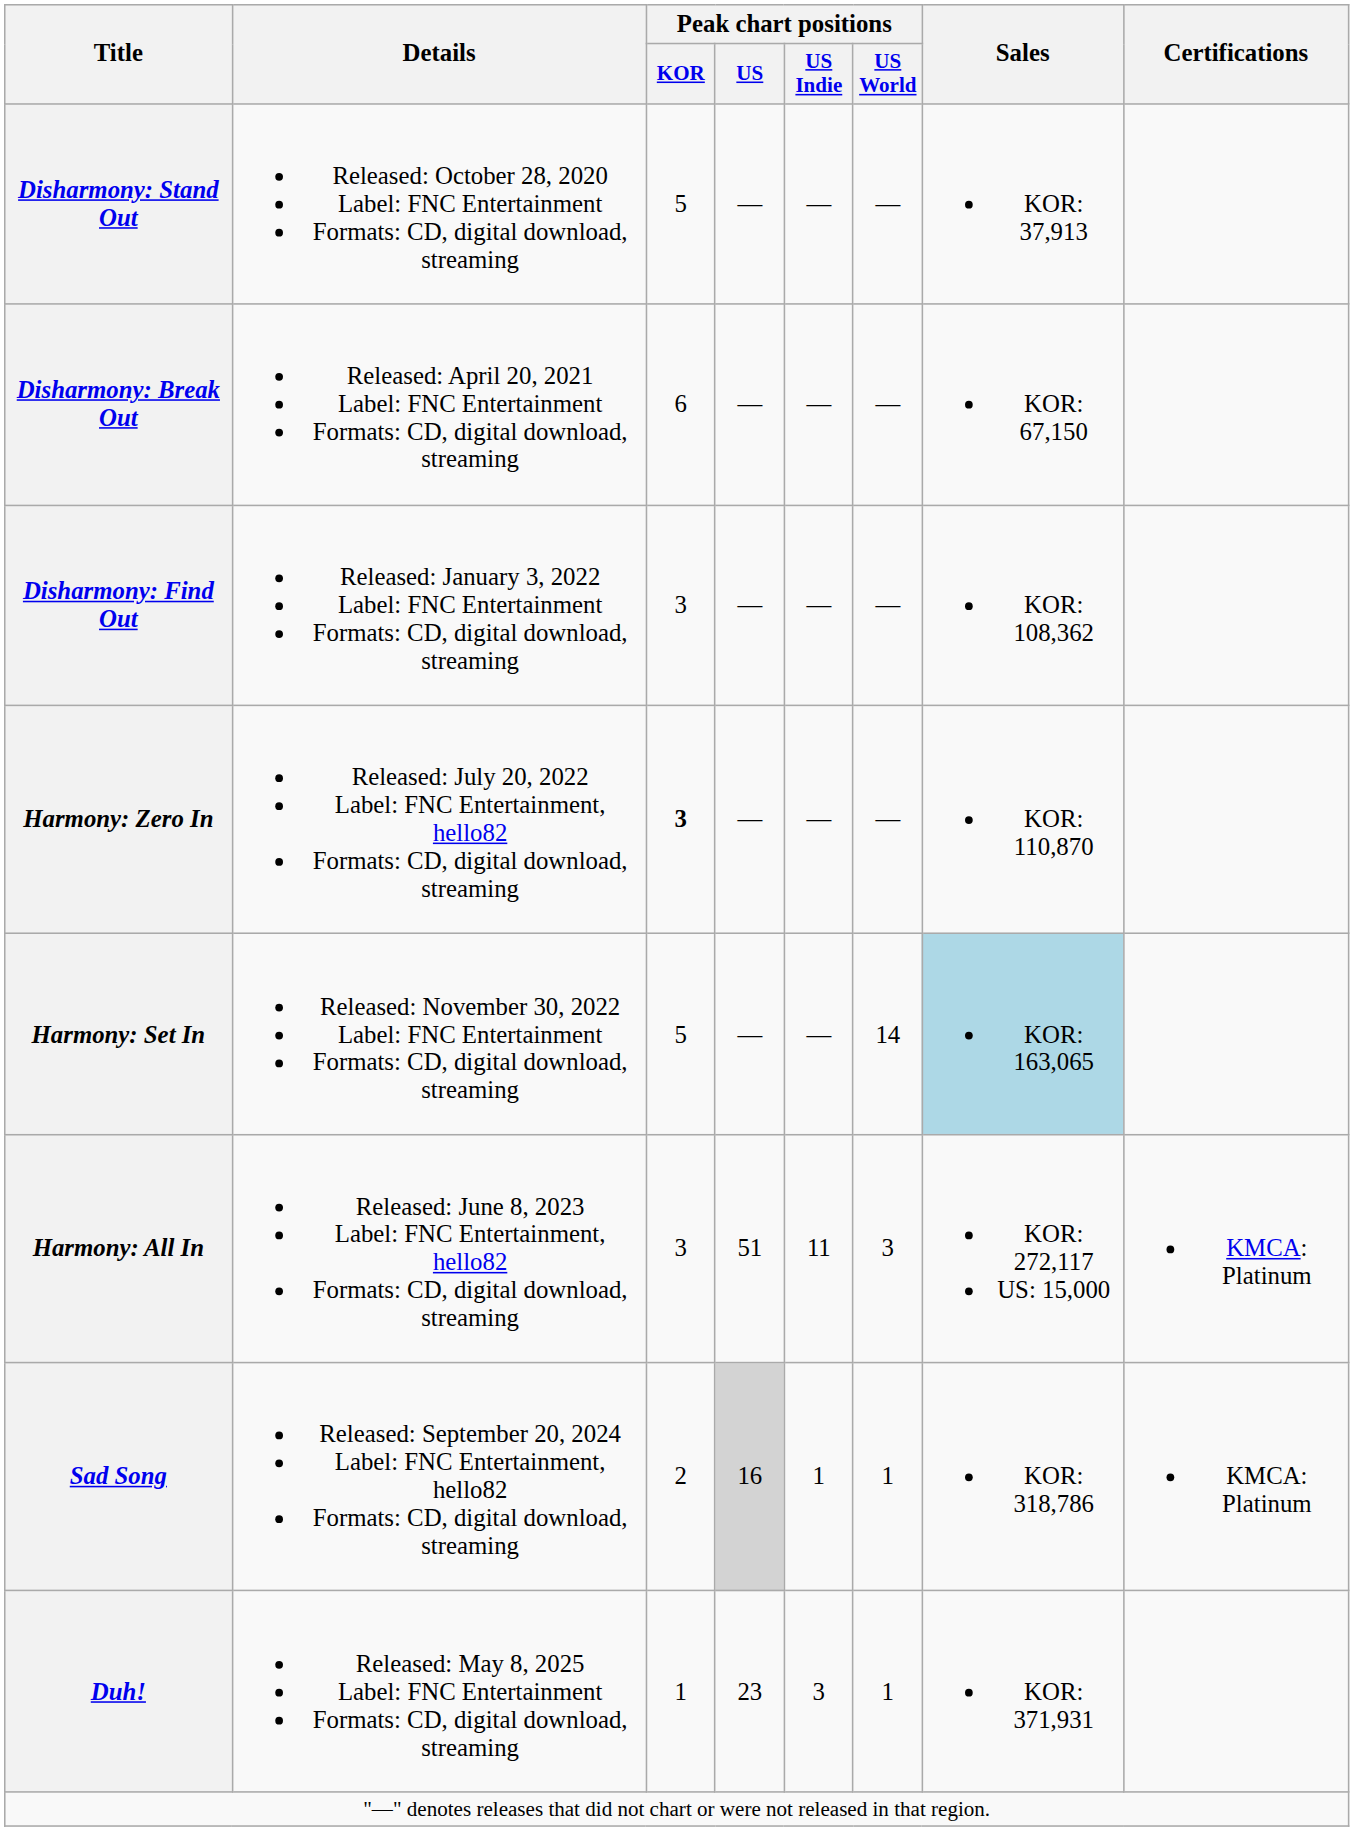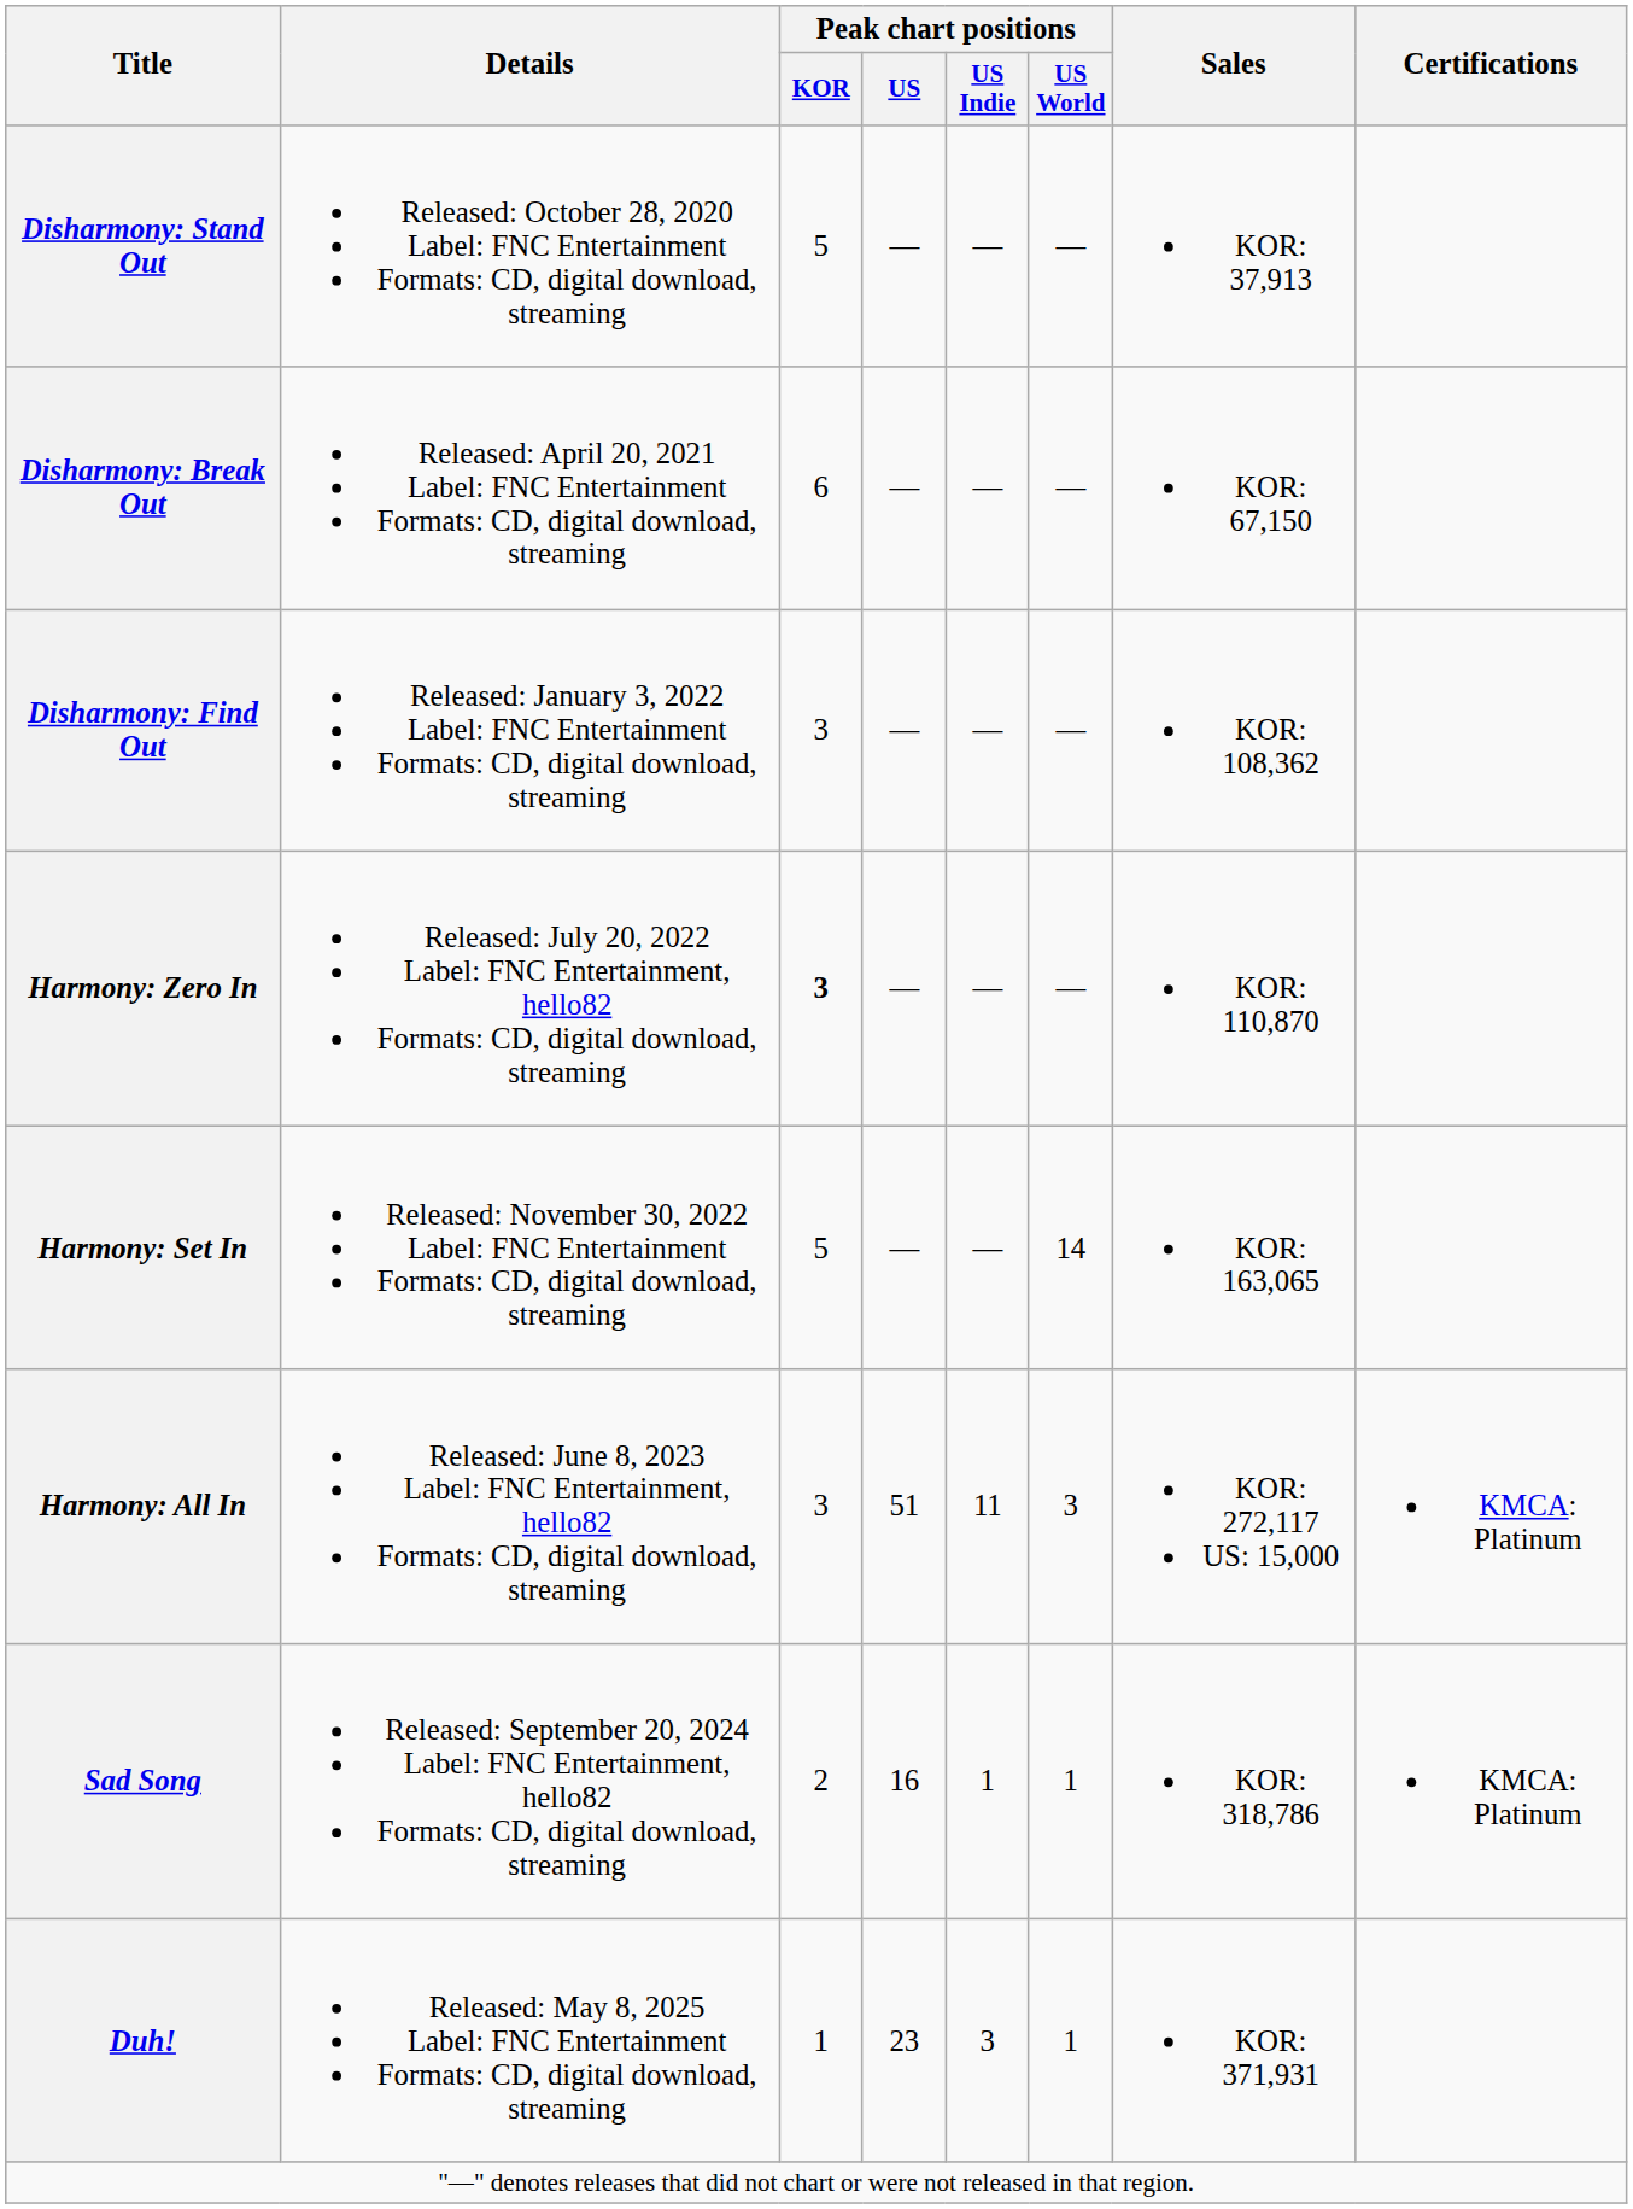 <table class="wikitable plainrowheaders" style="text-align:center">
 <tr>
 <th scope="col" rowspan="2">Title</th>
 <th scope="col" rowspan="2">Details</th>
 <th scope="col" colspan="4">Peak chart positions</th>
 <th scope="col" rowspan="2">Sales</th>
 <th scope="col" rowspan="2">Certifications</th>
 </tr>
 <tr>
 <th scope="col" style="width:2.8em;font-size:85%"><a href='#'>KOR</a><br></th>
 <th scope="col" style="width:2.8em;font-size:85%"><a href='#'>US</a><br></th>
 <th scope="col" style="width:2.8em;font-size:85%"><a href='#'>US<br>Indie</a><br></th>
 <th scope="col" style="width:2.8em;font-size:85%"><a href='#'>US<br>World</a><br></th>
 </tr>
 <tr>
 <th scope="row"><em><a href='#'>Disharmony: Stand Out</a></em></th>
 <td><br><ul><li>Released: October 28, 2020</li><li>Label: FNC Entertainment</li><li>Formats: CD, digital download, streaming</li></ul></td>
 <td>5</td>
 <td>—</td>
 <td>—</td>
 <td>—</td>
 <td><br><ul><li>KOR: 37,913</li></ul></td>
 <td></td>
 </tr>
 <tr>
 <th scope="row"><em><a href='#'>Disharmony: Break Out</a></em></th>
 <td><br><ul><li>Released: April 20, 2021</li><li>Label: FNC Entertainment</li><li>Formats: CD, digital download, streaming</li></ul></td>
 <td>6</td>
 <td>—</td>
 <td>—</td>
 <td>—</td>
 <td><br><ul><li>KOR: 67,150</li></ul></td>
 <td></td>
 </tr>
 <tr>
 <th scope="row"><em><a href='#'>Disharmony: Find Out</a></em></th>
 <td><br><ul><li>Released: January 3, 2022</li><li>Label: FNC Entertainment</li><li>Formats: CD, digital download, streaming</li></ul></td>
 <td>3</td>
 <td>—</td>
 <td>—</td>
 <td>—</td>
 <td><br><ul><li>KOR: 108,362</li></ul></td>
 <td></td>
 </tr>
 <tr>
 <th scope="row"><em>Harmony: Zero In</em></th>
 <td><br><ul><li>Released: July 20, 2022</li><li>Label: FNC Entertainment, <a href='#'>hello82</a></li><li>Formats: CD, digital download, streaming</li></ul></td>
 <td><strong>3</strong></td>
 <td>—</td>
 <td>—</td>
 <td>—</td>
 <td><br><ul><li>KOR: 110,870</li></ul></td>
 <td></td>
 </tr>
 <tr>
 <th scope="row"><em>Harmony: Set In</em></th>
 <td><br><ul><li>Released: November 30, 2022</li><li>Label: FNC Entertainment</li><li>Formats: CD, digital download, streaming</li></ul></td>
 <td>5</td>
 <td>—</td>
 <td>—</td>
 <td>14</td>
-<td style="background: lightblue;"><br><ul><li>KOR: 163,065</li></ul></td>
+<td><br><ul><li>KOR: 163,065</li></ul></td>
 <td></td>
 </tr>
 <tr>
 <th scope="row"><em>Harmony: All In</em></th>
 <td><br><ul><li>Released: June 8, 2023</li><li>Label: FNC Entertainment, <a href='#'>hello82</a></li><li>Formats: CD, digital download, streaming</li></ul></td>
 <td>3</td>
 <td>51</td>
 <td>11</td>
 <td>3</td>
 <td><br><ul><li>KOR: 272,117</li><li>US: 15,000</li></ul></td>
 <td><br><ul><li><a href='#'>KMCA</a>: Platinum</li></ul></td>
 </tr>
 <tr>
 <th scope="row"><em><a href='#'>Sad Song</a></em></th>
 <td><br><ul><li>Released: September 20, 2024</li><li>Label: FNC Entertainment, hello82</li><li>Formats: CD, digital download, streaming</li></ul></td>
 <td>2</td>
-<td style="background: lightgrey;">16</td>
+<td>16</td>
 <td>1</td>
 <td>1</td>
 <td><br><ul><li>KOR: 318,786</li></ul></td>
 <td><br><ul><li>KMCA: Platinum</li></ul></td>
 </tr>
 <tr>
 <th scope="row"><em><a href='#'>Duh!</a></em></th>
 <td><br><ul><li>Released: May 8, 2025</li><li>Label: FNC Entertainment</li><li>Formats: CD, digital download, streaming</li></ul></td>
 <td>1</td>
 <td>23</td>
 <td>3</td>
 <td>1</td>
 <td><br><ul><li>KOR: 371,931</li></ul></td>
 <td></td>
 </tr>
 <tr>
 <td colspan="8" style="font-size:85%">"—" denotes releases that did not chart or were not released in that region.</td>
 </tr>
 </table>
